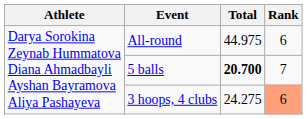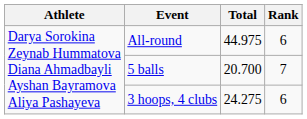 <table class="wikitable" style="text-align:center; font-size:90%">
 <tr style="font-size:95%">
 <th>Athlete</th>
 <th>Event</th>
 <th>Total</th>
 <th>Rank</th>
 </tr>
 <tr>
 <td rowspan=3 align=left><a href='#'>Darya Sorokina</a><br><a href='#'>Zeynab Hummatova</a><br><a href='#'>Diana Ahmadbayli</a><br><a href='#'>Ayshan Bayramova</a><br><a href='#'>Aliya Pashayeva</a></td>
 <td align=left><a href='#'>All-round</a></td>
 <td>44.975</td>
 <td>6</td>
 </tr>
 <tr>
 <td align=left><a href='#'>5 balls</a></td>
-<td><strong>20.700</strong></td>
+<td>20.700</td>
 <td>7</td>
 </tr>
 <tr>
 <td align=left><a href='#'>3 hoops, 4 clubs</a></td>
 <td>24.275</td>
-<td style="background: lightsalmon;">6</td>
+<td>6</td>
 </tr>
 </table>
